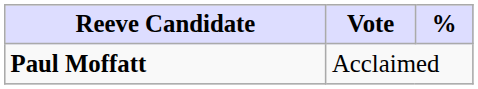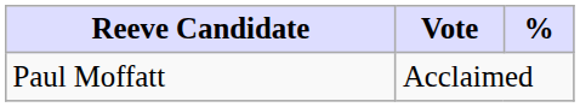 <table class="wikitable">
 <tr>
 <th style="background:#ddf; width:200px;">Reeve Candidate </th>
 <th style="background:#ddf; width:50px;">Vote</th>
 <th style="background:#ddf; width:30px;">%</th>
 </tr>
 <tr>
-<td><strong>Paul Moffatt</strong></td>
+<td>Paul Moffatt</td>
 <td colspan="2">Acclaimed</td>
 </tr>
 </table>
